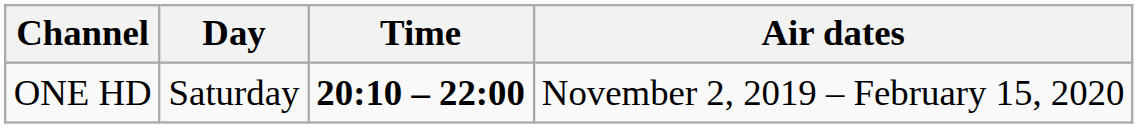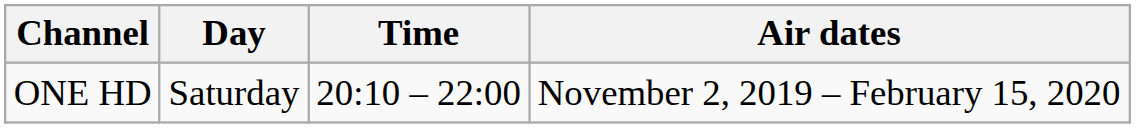 <table class="wikitable">
 <tr>
 <th>Channel</th>
 <th>Day</th>
 <th>Time</th>
 <th>Air dates</th>
 </tr>
 <tr>
 <td rowspan = "2" align = "center">ONE HD</td>
 <td rowspan = "1" align = "center">Saturday</td>
-<td><strong>20:10 – 22:00</strong></td>
+<td>20:10 – 22:00</td>
 <td>November 2, 2019 – February 15, 2020</td>
 </tr>
 </table>
